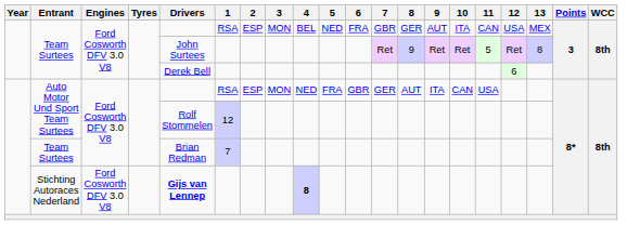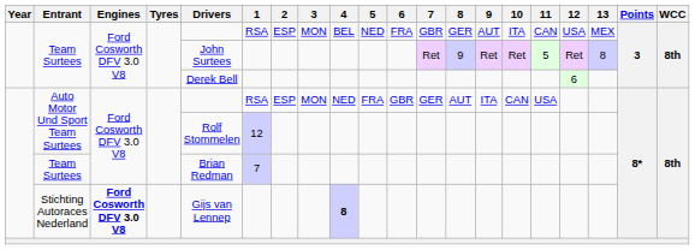 <table class="wikitable" style="text-align:center; font-size:85%">
 <tr>
 <th>Year</th>
 <th>Entrant</th>
 <th>Engines</th>
 <th>Tyres</th>
 <th>Drivers</th>
 <th>1</th>
 <th>2</th>
 <th>3</th>
 <th>4</th>
 <th>5</th>
 <th>6</th>
 <th>7</th>
 <th>8</th>
 <th>9</th>
 <th>10</th>
 <th>11</th>
 <th>12</th>
 <th>13</th>
 <th><a href='#'>Points</a></th>
 <th>WCC</th>
 </tr>
 <tr>
 <td rowspan="3"></td>
 <td rowspan="3"><a href='#'>Team Surtees</a></td>
 <td rowspan="3"><a href='#'>Ford</a> <a href='#'>Cosworth DFV</a> 3.0 <a href='#'>V8</a></td>
 <td rowspan="3"></td>
 <td></td>
 <td><a href='#'>RSA</a></td>
 <td><a href='#'>ESP</a></td>
 <td><a href='#'>MON</a></td>
 <td><a href='#'>BEL</a></td>
 <td><a href='#'>NED</a></td>
 <td><a href='#'>FRA</a></td>
 <td><a href='#'>GBR</a></td>
 <td><a href='#'>GER</a></td>
 <td><a href='#'>AUT</a></td>
 <td><a href='#'>ITA</a></td>
 <td><a href='#'>CAN</a></td>
 <td><a href='#'>USA</a></td>
 <td><a href='#'>MEX</a></td>
 <th rowspan="3">3</th>
 <th rowspan="3">8th</th>
 </tr>
 <tr>
 <td><a href='#'>John Surtees</a></td>
 <td></td>
 <td></td>
 <td></td>
 <td></td>
 <td></td>
 <td></td>
 <td style="background:#EFCFFF;">Ret</td>
 <td style="background:#CFCFFF;">9</td>
 <td style="background:#EFCFFF;">Ret</td>
 <td style="background:#EFCFFF;">Ret</td>
 <td style="background:#DFFFDF;">5</td>
 <td style="background:#EFCFFF;">Ret</td>
 <td style="background:#CFCFFF;">8</td>
 </tr>
 <tr>
 <td><a href='#'>Derek Bell</a></td>
 <td></td>
 <td></td>
 <td></td>
 <td></td>
 <td></td>
 <td></td>
 <td></td>
 <td></td>
 <td></td>
 <td></td>
 <td></td>
 <td style="background:#DFFFDF;">6</td>
 <td></td>
 </tr>
 <tr>
 <td rowspan="4"></td>
 <td rowspan="2"><a href='#'>Auto Motor Und Sport Team Surtees</a></td>
 <td rowspan="3"><a href='#'>Ford</a> <a href='#'>Cosworth DFV</a> 3.0 <a href='#'>V8</a></td>
 <td rowspan="3"></td>
 <td></td>
 <td><a href='#'>RSA</a></td>
 <td><a href='#'>ESP</a></td>
 <td><a href='#'>MON</a></td>
 <td><a href='#'>NED</a></td>
 <td><a href='#'>FRA</a></td>
 <td><a href='#'>GBR</a></td>
 <td><a href='#'>GER</a></td>
 <td><a href='#'>AUT</a></td>
 <td><a href='#'>ITA</a></td>
 <td><a href='#'>CAN</a></td>
 <td><a href='#'>USA</a></td>
 <td></td>
 <td></td>
 <th rowspan="4">8*</th>
 <th rowspan="4">8th</th>
 </tr>
 <tr>
 <td><a href='#'>Rolf Stommelen</a></td>
 <td style="background:#CFCFFF;">12</td>
 <td></td>
 <td></td>
 <td></td>
 <td></td>
 <td></td>
 <td></td>
 <td></td>
 <td></td>
 <td></td>
 <td></td>
 <td></td>
 <td></td>
 </tr>
 <tr>
 <td><a href='#'>Team Surtees</a></td>
 <td><a href='#'>Brian Redman</a></td>
 <td style="background:#CFCFFF;">7</td>
 <td></td>
 <td></td>
 <td></td>
 <td></td>
 <td></td>
 <td></td>
 <td></td>
 <td></td>
 <td></td>
 <td></td>
 <td></td>
 <td></td>
 </tr>
 <tr>
 <td>Stichting Autoraces Nederland</td>
-<td><a href='#'>Ford</a> <a href='#'>Cosworth DFV</a> 3.0 <a href='#'>V8</a></td>
+<td><strong><a href='#'>Ford</a> <a href='#'>Cosworth DFV</a> 3.0 <a href='#'>V8</a></strong></td>
 <td></td>
-<td><strong><a href='#'>Gijs van Lennep</a></strong></td>
+<td><a href='#'>Gijs van Lennep</a></td>
 <td></td>
 <td></td>
 <td></td>
 <td style="background:#CFCFFF;"><strong>8</strong></td>
 <td></td>
 <td></td>
 <td></td>
 <td></td>
 <td></td>
 <td></td>
 <td></td>
 <td></td>
 <td></td>
 </tr>
 <tr>
 <th colspan="20"></th>
 </tr>
 </table>
